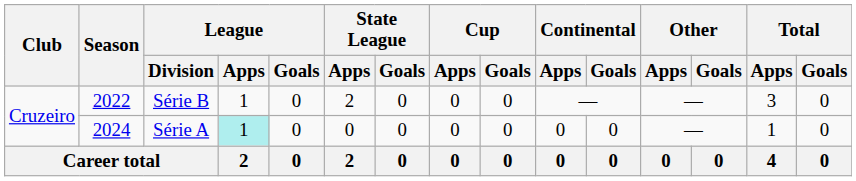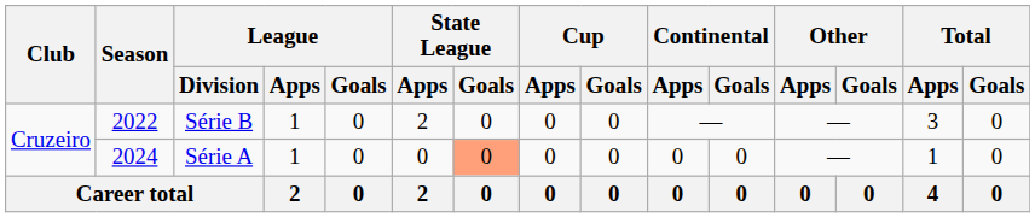 <table class="wikitable" style="text-align: center;">
 <tr>
 <th rowspan="2">Club</th>
 <th rowspan="2">Season</th>
 <th colspan="3">League</th>
 <th colspan="2">State League</th>
 <th colspan="2">Cup</th>
 <th colspan="2">Continental</th>
 <th colspan="2">Other</th>
 <th colspan="2">Total</th>
 </tr>
 <tr>
 <th>Division</th>
 <th>Apps</th>
 <th>Goals</th>
 <th>Apps</th>
 <th>Goals</th>
 <th>Apps</th>
 <th>Goals</th>
 <th>Apps</th>
 <th>Goals</th>
 <th>Apps</th>
 <th>Goals</th>
 <th>Apps</th>
 <th>Goals</th>
 </tr>
 <tr>
 <td rowspan="2"><a href='#'>Cruzeiro</a></td>
 <td><a href='#'>2022</a></td>
 <td><a href='#'>Série B</a></td>
 <td>1</td>
 <td>0</td>
 <td>2</td>
 <td>0</td>
 <td>0</td>
 <td>0</td>
 <td colspan="2">—</td>
 <td colspan="2">—</td>
 <td>3</td>
 <td>0</td>
 </tr>
 <tr>
 <td><a href='#'>2024</a></td>
 <td><a href='#'>Série A</a></td>
-<td style="background: paleturquoise;">1</td>
+<td>1</td>
 <td>0</td>
 <td>0</td>
-<td>0</td>
+<td style="background: lightsalmon;">0</td>
 <td>0</td>
 <td>0</td>
 <td>0</td>
 <td>0</td>
 <td colspan="2">—</td>
 <td>1</td>
 <td>0</td>
 </tr>
 <tr>
 <th colspan="3"><strong>Career total</strong></th>
 <th>2</th>
 <th>0</th>
 <th>2</th>
 <th>0</th>
 <th>0</th>
 <th>0</th>
 <th>0</th>
 <th>0</th>
 <th>0</th>
 <th>0</th>
 <th>4</th>
 <th>0</th>
 </tr>
 </table>
